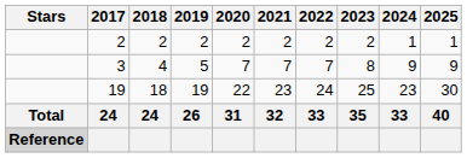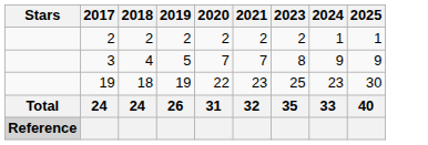 <table class="wikitable sortable" style="text-align:right;">
 <tr>
 <th scope="col">Stars</th>
 <th scope="col">2017</th>
 <th scope="col">2018</th>
 <th scope="col">2019</th>
 <th scope="col">2020</th>
 <th scope="col">2021</th>
-<th scope="col">2022</th>
 <th scope="col">2023</th>
 <th scope="col">2024</th>
 <th scope="col">2025</th>
 </tr>
 <tr>
 <td></td>
-<td>2</td>
 <td>2</td>
 <td>2</td>
 <td>2</td>
 <td>2</td>
 <td>2</td>
 <td>2</td>
 <td>1</td>
 <td>1</td>
 </tr>
 <tr>
 <td></td>
 <td>3</td>
 <td>4</td>
 <td>5</td>
 <td>7</td>
 <td>7</td>
-<td>7</td>
 <td>8</td>
 <td>9</td>
 <td>9</td>
 </tr>
 <tr>
 <td></td>
 <td>19</td>
 <td>18</td>
 <td>19</td>
 <td>22</td>
 <td>23</td>
-<td>24</td>
 <td>25</td>
 <td>23</td>
 <td>30</td>
 </tr>
 <tr>
 <th>Total</th>
 <th style="text-align:center;">24</th>
 <th style="text-align:center;">24</th>
 <th style="text-align:center;">26</th>
 <th style="text-align:center;">31</th>
 <th style="text-align:center;">32</th>
-<th style="text-align:center;">33</th>
 <th style="text-align:center;">35</th>
 <th style="text-align:center;">33</th>
 <th style="text-align:center;">40</th>
 </tr>
 <tr>
 <th colspan="1" style="text-align: center;background: lightgray;">Reference</th>
 <th></th>
 <th></th>
 <th></th>
 <th></th>
 <th></th>
 <th></th>
 <th></th>
 <th></th>
-<th></th>
 </tr>
 </table>
